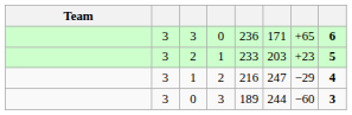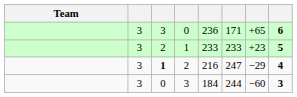 <table class="wikitable" style="text-align: center; font-size:90% ">
 <tr>
 <th width=160>Team</th>
 <th width=25></th>
 <th width=25></th>
 <th width=25></th>
 <th width=25></th>
 <th width=25></th>
 <th width=25></th>
 <th width=25></th>
 </tr>
 <tr bgcolor=ccffcc>
 <td align=left></td>
 <td>3</td>
 <td>3</td>
 <td>0</td>
 <td>236</td>
 <td>171</td>
 <td>+65</td>
 <td><strong>6</strong></td>
 </tr>
 <tr bgcolor=ccffcc>
 <td align=left></td>
 <td>3</td>
 <td>2</td>
 <td>1</td>
 <td>233</td>
-<td>203</td>
+<td>233</td>
 <td>+23</td>
 <td><strong>5</strong></td>
 </tr>
 <tr>
 <td align=left></td>
 <td>3</td>
-<td>1</td>
+<td><strong>1</strong></td>
 <td>2</td>
 <td>216</td>
 <td>247</td>
 <td>−29</td>
 <td><strong>4</strong></td>
 </tr>
 <tr>
 <td align=left></td>
 <td>3</td>
 <td>0</td>
 <td>3</td>
-<td>189</td>
+<td>184</td>
 <td>244</td>
 <td>−60</td>
 <td><strong>3</strong></td>
 </tr>
 </table>
